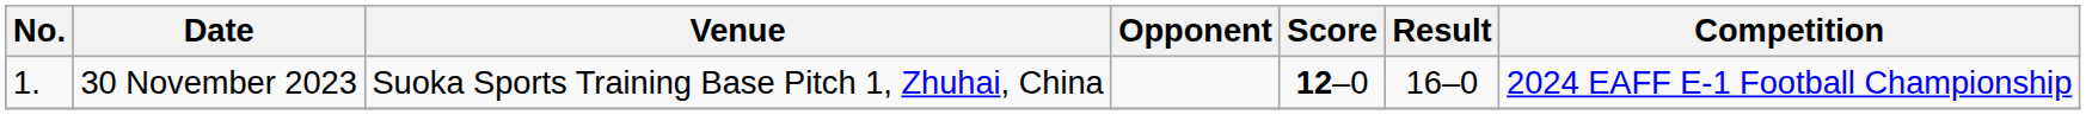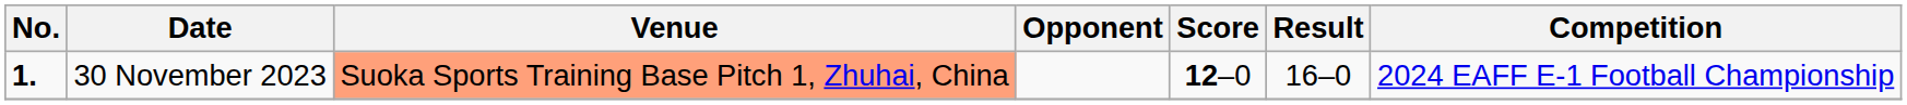 <table class="wikitable">
 <tr>
 <th>No.</th>
 <th>Date</th>
 <th>Venue</th>
 <th>Opponent</th>
 <th>Score</th>
 <th>Result</th>
 <th>Competition</th>
 </tr>
 <tr>
-<td>1.</td>
+<td><strong>1.</strong></td>
 <td>30 November 2023</td>
-<td>Suoka Sports Training Base Pitch 1, <a href='#'>Zhuhai</a>, China</td>
+<td style="background: lightsalmon;">Suoka Sports Training Base Pitch 1, <a href='#'>Zhuhai</a>, China</td>
 <td></td>
 <td align=center><strong>12</strong>–0</td>
 <td align=center>16–0</td>
 <td><a href='#'>2024 EAFF E-1 Football Championship</a></td>
 </tr>
 <tr>
 </tr>
 </table>
